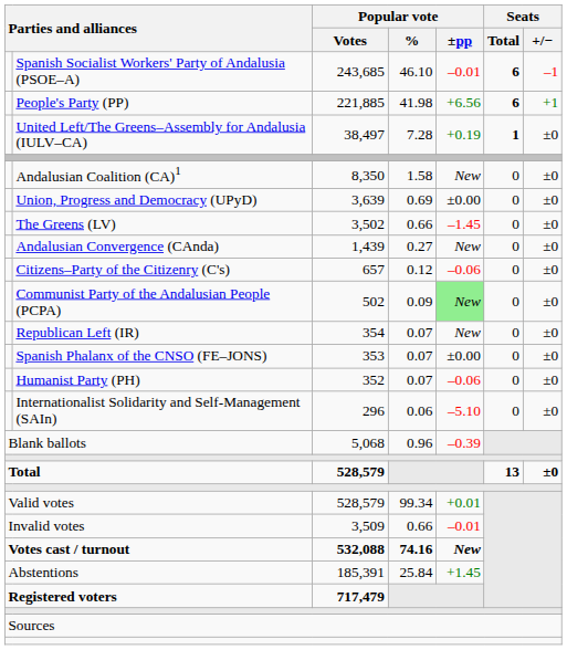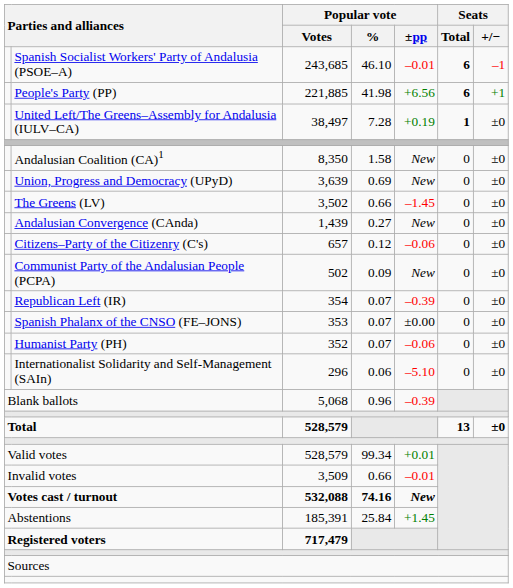 <table class="wikitable" style="text-align:right;">
 <tr>
 <th style="text-align:left;" rowspan="2" colspan="2" width="525">Parties and alliances</th>
 <th colspan="3">Popular vote</th>
 <th colspan="2">Seats</th>
 </tr>
 <tr>
 <th width="75">Votes</th>
 <th width="45">%</th>
 <th width="45">±<a href='#'>pp</a></th>
 <th width="35">Total</th>
 <th width="35">+/−</th>
 </tr>
 <tr>
 <td width="1" style="color:inherit;background:"></td>
 <td align="left"><a href='#'>Spanish Socialist Workers' Party of Andalusia</a> (PSOE–A)</td>
 <td>243,685</td>
 <td>46.10</td>
 <td style="color:red;">–0.01</td>
 <td><strong>6</strong></td>
 <td style="color:red;">–1</td>
 </tr>
 <tr>
 <td style="color:inherit;background:"></td>
 <td align="left"><a href='#'>People's Party</a> (PP)</td>
 <td>221,885</td>
 <td>41.98</td>
 <td style="color:green;">+6.56</td>
 <td><strong>6</strong></td>
 <td style="color:green;">+1</td>
 </tr>
 <tr>
 <td style="color:inherit;background:"></td>
 <td align="left"><a href='#'>United Left/The Greens–Assembly for Andalusia</a> (IULV–CA)</td>
 <td>38,497</td>
 <td>7.28</td>
 <td style="color:green;">+0.19</td>
 <td><strong>1</strong></td>
 <td>±0</td>
 </tr>
 <tr>
 <td colspan="7" bgcolor="#C0C0C0"></td>
 </tr>
 <tr>
 <td style="color:inherit;background:"></td>
 <td align="left">Andalusian Coalition (CA)<sup>1</sup></td>
 <td>8,350</td>
 <td>1.58</td>
 <td><em>New</em></td>
 <td>0</td>
 <td>±0</td>
 </tr>
 <tr>
 <td style="color:inherit;background:"></td>
 <td align="left"><a href='#'>Union, Progress and Democracy</a> (UPyD)</td>
 <td>3,639</td>
 <td>0.69</td>
-<td>±0.00</td>
+<td><em>New</em></td>
 <td>0</td>
 <td>±0</td>
 </tr>
 <tr>
 <td style="color:inherit;background:"></td>
 <td align="left"><a href='#'>The Greens</a> (LV)</td>
 <td>3,502</td>
 <td>0.66</td>
 <td style="color:red;">–1.45</td>
 <td>0</td>
 <td>±0</td>
 </tr>
 <tr>
 <td style="color:inherit;background:"></td>
 <td align="left"><a href='#'>Andalusian Convergence</a> (CAnda)</td>
 <td>1,439</td>
 <td>0.27</td>
 <td><em>New</em></td>
 <td>0</td>
 <td>±0</td>
 </tr>
 <tr>
 <td style="color:inherit;background:"></td>
 <td align="left"><a href='#'>Citizens–Party of the Citizenry</a> (C's)</td>
 <td>657</td>
 <td>0.12</td>
 <td style="color:red;">–0.06</td>
 <td>0</td>
 <td>±0</td>
 </tr>
 <tr>
 <td style="color:inherit;background:"></td>
 <td align="left"><a href='#'>Communist Party of the Andalusian People</a> (PCPA)</td>
 <td>502</td>
 <td>0.09</td>
-<td style="background: lightgreen;"><em>New</em></td>
+<td><em>New</em></td>
 <td>0</td>
 <td>±0</td>
 </tr>
 <tr>
 <td style="color:inherit;background:"></td>
 <td align="left"><a href='#'>Republican Left</a> (IR)</td>
 <td>354</td>
 <td>0.07</td>
-<td><em>New</em></td>
+<td style="color:red;">–0.39</td>
 <td>0</td>
 <td>±0</td>
 </tr>
 <tr>
 <td style="color:inherit;background:"></td>
 <td align="left"><a href='#'>Spanish Phalanx of the CNSO</a> (FE–JONS)</td>
 <td>353</td>
 <td>0.07</td>
 <td>±0.00</td>
 <td>0</td>
 <td>±0</td>
 </tr>
 <tr>
 <td style="color:inherit;background:"></td>
 <td align="left"><a href='#'>Humanist Party</a> (PH)</td>
 <td>352</td>
 <td>0.07</td>
 <td style="color:red;">–0.06</td>
 <td>0</td>
 <td>±0</td>
 </tr>
 <tr>
 <td style="color:inherit;background:"></td>
 <td align="left">Internationalist Solidarity and Self-Management (SAIn)</td>
 <td>296</td>
 <td>0.06</td>
 <td style="color:red;">–5.10</td>
 <td>0</td>
 <td>±0</td>
 </tr>
 <tr>
 <td align="left" colspan="2">Blank ballots</td>
 <td>5,068</td>
 <td>0.96</td>
 <td style="color:red;">–0.39</td>
 <td bgcolor="#E9E9E9" colspan="2"></td>
 </tr>
 <tr>
 <td colspan="7" bgcolor="#E9E9E9"></td>
 </tr>
 <tr style="font-weight:bold;">
 <td align="left" colspan="2">Total</td>
 <td>528,579</td>
 <td bgcolor="#E9E9E9" colspan="2"></td>
 <td>13</td>
 <td>±0</td>
 </tr>
 <tr>
 <td colspan="7" bgcolor="#E9E9E9"></td>
 </tr>
 <tr>
 <td align="left" colspan="2">Valid votes</td>
 <td>528,579</td>
 <td>99.34</td>
 <td style="color:green;">+0.01</td>
 <td bgcolor="#E9E9E9" colspan="2" rowspan="5"></td>
 </tr>
 <tr>
 <td align="left" colspan="2">Invalid votes</td>
 <td>3,509</td>
 <td>0.66</td>
 <td style="color:red;">–0.01</td>
 </tr>
 <tr style="font-weight:bold;">
 <td align="left" colspan="2">Votes cast / turnout</td>
 <td>532,088</td>
 <td>74.16</td>
 <td><em>New</em></td>
 </tr>
 <tr>
 <td align="left" colspan="2">Abstentions</td>
 <td>185,391</td>
 <td>25.84</td>
 <td style="color:green;">+1.45</td>
 </tr>
 <tr style="font-weight:bold;">
 <td align="left" colspan="2">Registered voters</td>
 <td>717,479</td>
 <td bgcolor="#E9E9E9" colspan="2"></td>
 </tr>
 <tr>
 <td colspan="7" bgcolor="#E9E9E9"></td>
 </tr>
 <tr>
 <td align="left" colspan="7">Sources</td>
 </tr>
 <tr>
 <td colspan="7" style="text-align:left; max-width:790px;"></td>
 </tr>
 </table>
